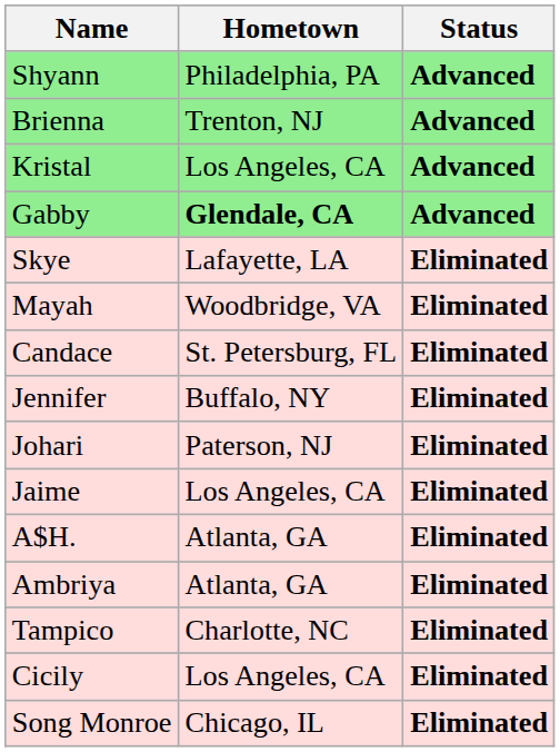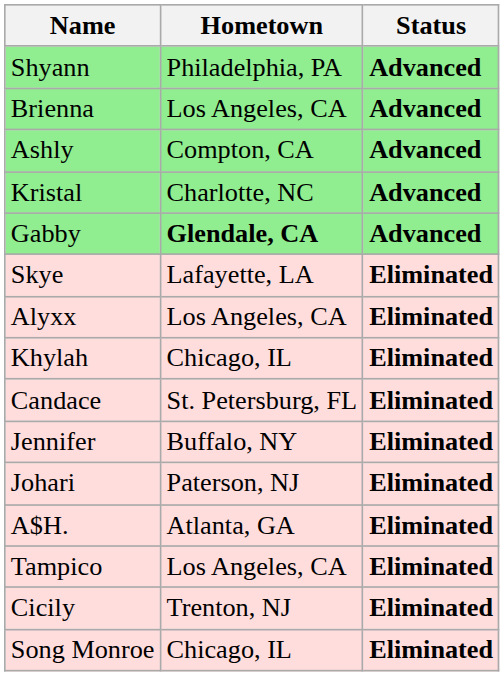 <table class="wikitable">
 <tr>
 <th>Name</th>
 <th>Hometown</th>
 <th>Status</th>
 </tr>
 <tr style="background:lightgreen;">
 <td>Shyann</td>
 <td>Philadelphia, PA</td>
 <td><strong>Advanced</strong></td>
 </tr>
 <tr style="background:lightgreen;">
 <td>Brienna</td>
-<td>Trenton, NJ</td>
+<td>Los Angeles, CA</td>
+<td><strong>Advanced</strong></td>
+</tr>
+<tr style="background:lightgreen;">
+<td>Ashly</td>
+<td>Compton, CA</td>
 <td><strong>Advanced</strong></td>
 </tr>
 <tr style="background:lightgreen;">
 <td>Kristal</td>
-<td>Los Angeles, CA</td>
+<td>Charlotte, NC</td>
 <td><strong>Advanced</strong></td>
 </tr>
 <tr style="background:lightgreen;">
 <td>Gabby</td>
 <td><strong>Glendale, CA</strong></td>
 <td><strong>Advanced</strong></td>
 </tr>
 <tr style="background:#ffdddd;#">
 <td>Skye</td>
 <td>Lafayette, LA</td>
 <td><strong>Eliminated</strong></td>
 </tr>
 <tr style="background:#ffdddd;">
-<td>Mayah</td>
-<td>Woodbridge, VA</td>
+<td>Alyxx</td>
+<td>Los Angeles, CA</td>
+<td><strong>Eliminated</strong></td>
+</tr>
+<tr style="background:#ffdddd;">
+<td>Khylah</td>
+<td>Chicago, IL</td>
 <td><strong>Eliminated</strong></td>
 </tr>
 <tr style="background:#ffdddd;">
 <td>Candace</td>
 <td>St. Petersburg, FL</td>
 <td><strong>Eliminated</strong></td>
 </tr>
 <tr style="background:#ffdddd;">
 <td>Jennifer</td>
 <td>Buffalo, NY</td>
 <td><strong>Eliminated</strong></td>
 </tr>
 <tr style="background:#ffdddd;">
 <td>Johari</td>
 <td>Paterson, NJ</td>
 <td><strong>Eliminated</strong></td>
 </tr>
 <tr style="background:#ffdddd;">
-<td>Jaime</td>
-<td>Los Angeles, CA</td>
-<td><strong>Eliminated</strong></td>
-</tr>
-<tr style="background:#ffdddd;">
 <td>A$H.</td>
-<td>Atlanta, GA</td>
-<td><strong>Eliminated</strong></td>
-</tr>
-<tr style="background:#ffdddd;">
-<td>Ambriya</td>
 <td>Atlanta, GA</td>
 <td><strong>Eliminated</strong></td>
 </tr>
 <tr style="background:#ffdddd;#">
 <td>Tampico</td>
-<td>Charlotte, NC</td>
+<td>Los Angeles, CA</td>
 <td><strong>Eliminated</strong></td>
 </tr>
 <tr style="background:#ffdddd;">
 <td>Cicily</td>
-<td>Los Angeles, CA</td>
+<td>Trenton, NJ</td>
 <td><strong>Eliminated</strong></td>
 </tr>
 <tr style="background:#ffdddd;">
 <td>Song Monroe</td>
 <td>Chicago, IL</td>
 <td><strong>Eliminated</strong></td>
 </tr>
 </table>
